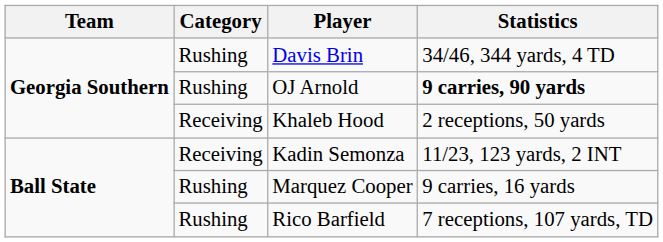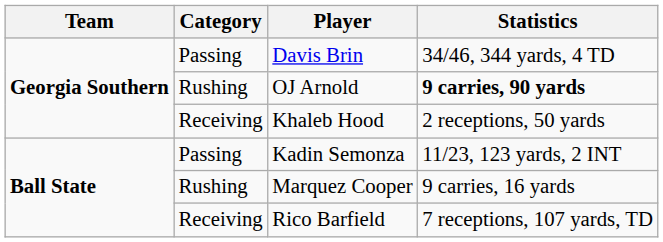 <table class="wikitable" style="float: right;">
 <tr>
 <th>Team</th>
 <th>Category</th>
 <th>Player</th>
 <th>Statistics</th>
 </tr>
 <tr>
 <td rowspan=3><strong>Georgia Southern</strong></td>
-<td>Rushing</td>
+<td>Passing</td>
 <td><a href='#'>Davis Brin</a></td>
 <td>34/46, 344 yards, 4 TD</td>
 </tr>
 <tr>
 <td>Rushing</td>
 <td>OJ Arnold</td>
 <td><strong>9 carries, 90 yards</strong></td>
 </tr>
 <tr>
 <td>Receiving</td>
 <td>Khaleb Hood</td>
 <td>2 receptions, 50 yards</td>
 </tr>
 <tr>
 <td rowspan=3><strong>Ball State</strong></td>
-<td>Receiving</td>
+<td>Passing</td>
 <td>Kadin Semonza</td>
 <td>11/23, 123 yards, 2 INT</td>
 </tr>
 <tr>
 <td>Rushing</td>
 <td>Marquez Cooper</td>
 <td>9 carries, 16 yards</td>
 </tr>
 <tr>
-<td>Rushing</td>
+<td>Receiving</td>
 <td>Rico Barfield</td>
 <td>7 receptions, 107 yards, TD</td>
 </tr>
 </table>
